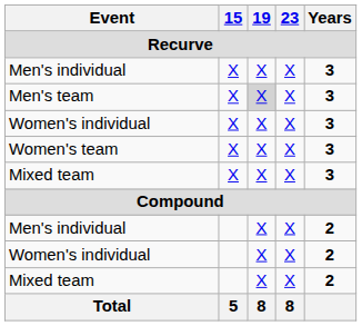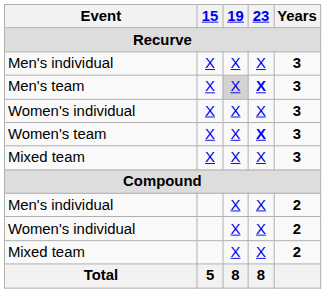 <table class=wikitable style="text-align:center">
 <tr>
 <th width="200">Event</th>
 <th width=20><a href='#'>15</a></th>
 <th width=20><a href='#'>19</a></th>
 <th width=20><a href='#'>23</a></th>
 <th width="40">Years</th>
 </tr>
 <tr bgcolor=#DDDDDD>
 <td colspan="5"><strong>Recurve</strong></td>
 </tr>
 <tr>
 <td align=left>Men's individual</td>
 <td><a href='#'>X</a></td>
 <td><a href='#'>X</a></td>
 <td><a href='#'>X</a></td>
 <td><strong>3</strong></td>
 </tr>
 <tr>
 <td align=left>Men's team</td>
 <td><a href='#'>X</a></td>
 <td style="background: lightgrey;"><a href='#'>X</a></td>
-<td><a href='#'>X</a></td>
+<td><strong><a href='#'>X</a></strong></td>
 <td><strong>3</strong></td>
 </tr>
 <tr>
 <td align=left>Women's individual</td>
 <td><a href='#'>X</a></td>
 <td><a href='#'>X</a></td>
 <td><a href='#'>X</a></td>
 <td><strong>3</strong></td>
 </tr>
 <tr>
 <td align=left>Women's team</td>
 <td><a href='#'>X</a></td>
 <td><a href='#'>X</a></td>
-<td><a href='#'>X</a></td>
+<td><strong><a href='#'>X</a></strong></td>
 <td><strong>3</strong></td>
 </tr>
 <tr>
 <td align=left>Mixed team</td>
 <td><a href='#'>X</a></td>
 <td><a href='#'>X</a></td>
 <td><a href='#'>X</a></td>
 <td><strong>3</strong></td>
 </tr>
 <tr bgcolor=#DDDDDD>
 <td colspan="5"><strong>Compound</strong></td>
 </tr>
 <tr>
 <td align=left>Men's individual</td>
 <td></td>
 <td><a href='#'>X</a></td>
 <td><a href='#'>X</a></td>
 <td><strong>2</strong></td>
 </tr>
 <tr>
 <td align=left>Women's individual</td>
 <td></td>
 <td><a href='#'>X</a></td>
 <td><a href='#'>X</a></td>
 <td><strong>2</strong></td>
 </tr>
 <tr>
 <td align=left>Mixed team</td>
 <td></td>
 <td><a href='#'>X</a></td>
 <td><a href='#'>X</a></td>
 <td><strong>2</strong></td>
 </tr>
 <tr>
 <th>Total</th>
 <th>5</th>
 <th>8</th>
 <th>8</th>
 <th></th>
 </tr>
 </table>
